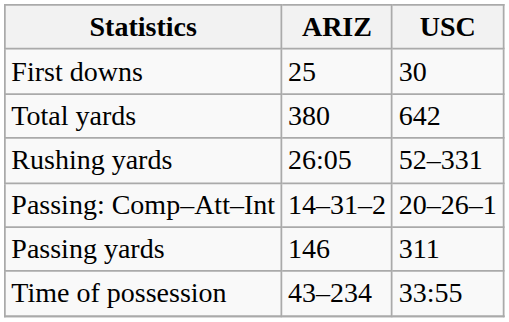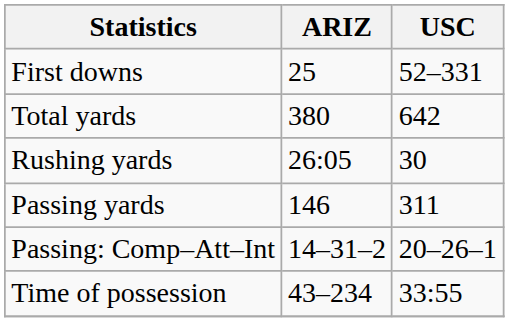 <table class="wikitable" style="float: left;">
 <tr>
 <th>Statistics</th>
 <th>ARIZ</th>
 <th>USC</th>
 </tr>
 <tr>
 <td>First downs</td>
 <td>25</td>
-<td>30</td>
+<td>52–331</td>
 </tr>
 <tr>
 <td>Total yards</td>
 <td>380</td>
 <td>642</td>
 </tr>
 <tr>
 <td>Rushing yards</td>
 <td>26:05</td>
-<td>52–331</td>
+<td>30</td>
+</tr>
+<tr>
+<td>Passing yards</td>
+<td>146</td>
+<td>311</td>
 </tr>
 <tr>
 <td>Passing: Comp–Att–Int</td>
 <td>14–31–2</td>
 <td>20–26–1</td>
-</tr>
-<tr>
-<td>Passing yards</td>
-<td>146</td>
-<td>311</td>
 </tr>
 <tr>
 <td>Time of possession</td>
 <td>43–234</td>
 <td>33:55</td>
 </tr>
 <tr>
 </tr>
 </table>
